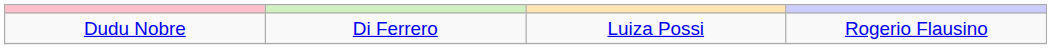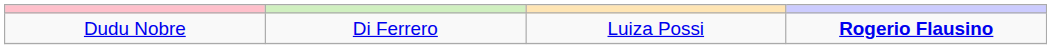 <table class="wikitable"  style="text-align:center; font-size:100%; width:100%;">
 <tr>
 <td scope="col" width="25%" bgcolor=FFC0CB><strong></strong></td>
 <td scope="col" width="25%" bgcolor=D0F0C0><strong></strong></td>
 <td scope="col" width="25%" bgcolor=FFE5B4><strong></strong></td>
 <td scope="col" width="25%" bgcolor=CCCCFF><strong></strong></td>
 </tr>
 <tr>
 <td><a href='#'>Dudu Nobre</a></td>
 <td><a href='#'>Di Ferrero</a></td>
 <td><a href='#'>Luiza Possi</a></td>
-<td><a href='#'>Rogerio Flausino</a></td>
+<td><strong><a href='#'>Rogerio Flausino</a></strong></td>
 </tr>
 <tr>
 </tr>
 </table>
